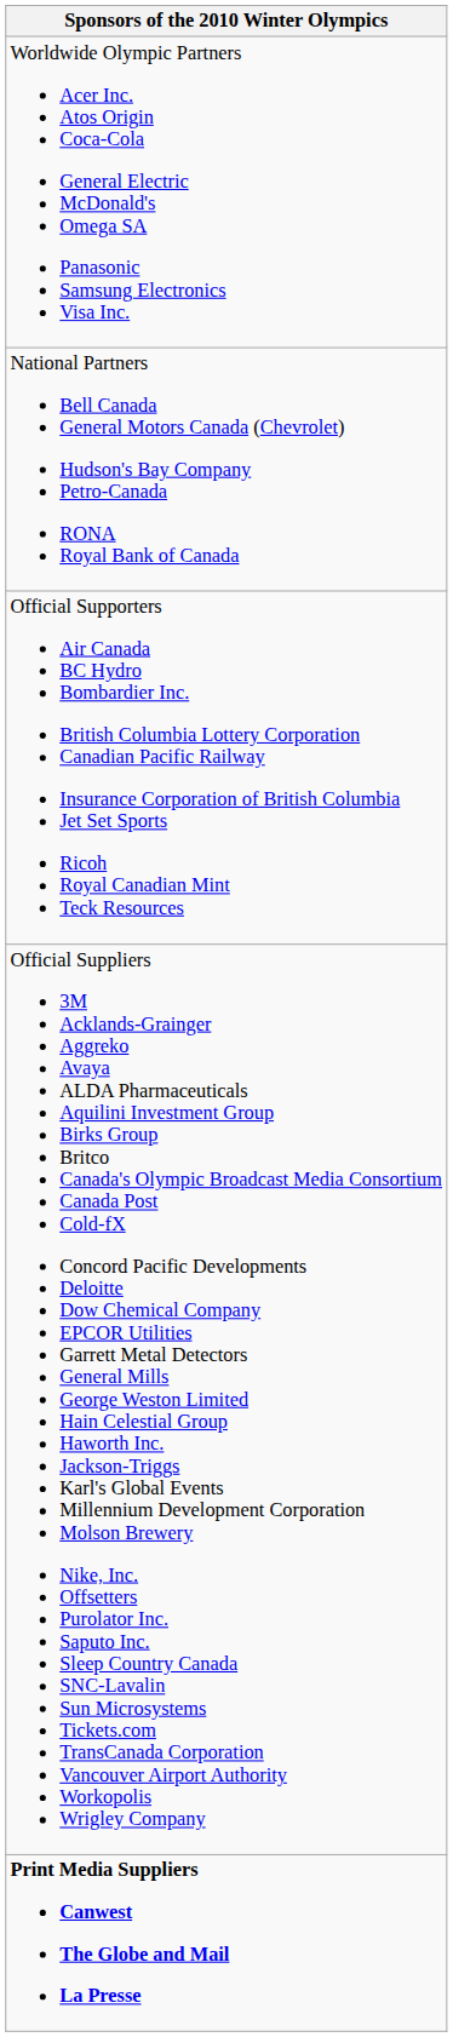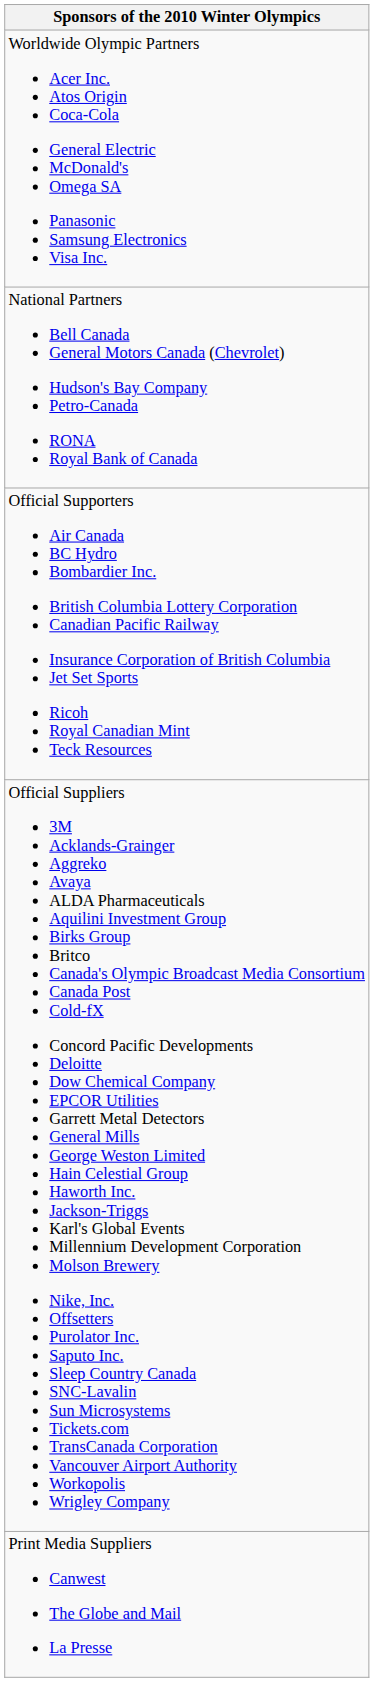 <table class="wikitable collapsible " style="float:center; margin:10px;">
 <tr>
 <th>Sponsors of the 2010 Winter Olympics</th>
 </tr>
 <tr>
 <td>Worldwide Olympic Partners<br> <ul><li><a href='#'>Acer Inc.</a></li><li><a href='#'>Atos Origin</a></li><li><a href='#'>Coca-Cola</a></li></ul><ul><li><a href='#'>General Electric</a></li><li><a href='#'>McDonald's</a></li><li><a href='#'>Omega SA</a></li></ul><ul><li><a href='#'>Panasonic</a></li><li><a href='#'>Samsung Electronics</a></li><li><a href='#'>Visa Inc.</a></li></ul></td>
 </tr>
 <tr>
 <td>National Partners<br> <ul><li><a href='#'>Bell Canada</a></li><li><a href='#'>General Motors Canada</a> (<a href='#'>Chevrolet</a>)</li></ul><ul><li><a href='#'>Hudson's Bay Company</a></li><li><a href='#'>Petro-Canada</a></li></ul><ul><li><a href='#'>RONA</a></li><li><a href='#'>Royal Bank of Canada</a></li></ul></td>
 </tr>
 <tr>
 <td>Official Supporters<br> <ul><li><a href='#'>Air Canada</a></li><li><a href='#'>BC Hydro</a></li><li><a href='#'>Bombardier Inc.</a></li></ul><ul><li><a href='#'>British Columbia Lottery Corporation</a></li><li><a href='#'>Canadian Pacific Railway</a></li></ul><ul><li><a href='#'>Insurance Corporation of British Columbia</a></li><li><a href='#'>Jet Set Sports</a></li></ul><ul><li><a href='#'>Ricoh</a></li><li><a href='#'>Royal Canadian Mint</a></li><li><a href='#'>Teck Resources</a></li></ul></td>
 </tr>
 <tr>
 <td>Official Suppliers<br> <ul><li><a href='#'>3M</a></li><li><a href='#'>Acklands-Grainger</a></li><li><a href='#'>Aggreko</a></li><li><a href='#'>Avaya</a></li><li>ALDA Pharmaceuticals</li><li><a href='#'>Aquilini Investment Group</a></li><li><a href='#'>Birks Group</a></li><li>Britco</li><li><a href='#'>Canada's Olympic Broadcast Media Consortium</a></li><li><a href='#'>Canada Post</a></li><li><a href='#'>Cold-fX</a></li></ul><ul><li>Concord Pacific Developments</li><li><a href='#'>Deloitte</a></li><li><a href='#'>Dow Chemical Company</a></li><li><a href='#'>EPCOR Utilities</a></li><li>Garrett Metal Detectors</li><li><a href='#'>General Mills</a></li><li><a href='#'>George Weston Limited</a></li><li><a href='#'>Hain Celestial Group</a></li><li><a href='#'>Haworth Inc.</a></li><li><a href='#'>Jackson-Triggs</a></li><li>Karl's Global Events</li><li>Millennium Development Corporation</li><li><a href='#'>Molson Brewery</a></li></ul><ul><li><a href='#'>Nike, Inc.</a></li><li><a href='#'>Offsetters</a></li><li><a href='#'>Purolator Inc.</a></li><li><a href='#'>Saputo Inc.</a></li><li><a href='#'>Sleep Country Canada</a></li><li><a href='#'>SNC-Lavalin</a></li><li><a href='#'>Sun Microsystems</a></li><li><a href='#'>Tickets.com</a></li><li><a href='#'>TransCanada Corporation</a></li><li><a href='#'>Vancouver Airport Authority</a></li><li><a href='#'>Workopolis</a></li><li><a href='#'>Wrigley Company</a></li></ul></td>
 </tr>
 <tr>
-<td><strong>Print Media Suppliers<br> <ul><li><a href='#'>Canwest</a></li></ul><ul><li><a href='#'>The Globe and Mail</a></li></ul><ul><li><a href='#'>La Presse</a></li></ul></strong></td>
+<td>Print Media Suppliers<br> <ul><li><a href='#'>Canwest</a></li></ul><ul><li><a href='#'>The Globe and Mail</a></li></ul><ul><li><a href='#'>La Presse</a></li></ul></td>
 </tr>
 </table>
